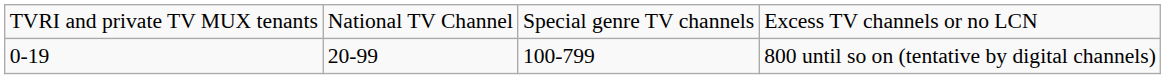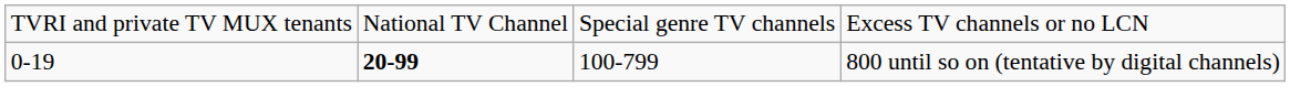 <table class="wikitable">
 <tr>
 <td>TVRI and private TV MUX tenants</td>
 <td>National TV Channel</td>
 <td>Special genre TV channels</td>
 <td>Excess TV channels or no LCN</td>
 </tr>
 <tr>
 <td>0-19</td>
-<td>20-99</td>
+<td><strong>20-99</strong></td>
 <td>100-799</td>
 <td>800 until so on (tentative by digital channels)</td>
 </tr>
 </table>
